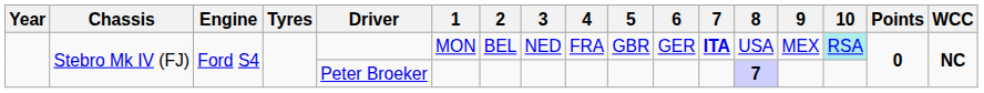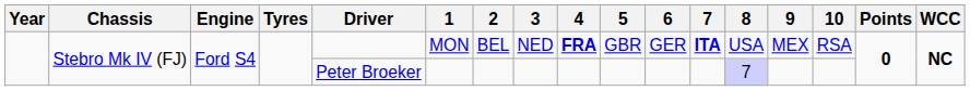 <table class="wikitable" style="text-align:center; font-size:95%">
 <tr>
 <th>Year</th>
 <th>Chassis</th>
 <th>Engine</th>
 <th>Tyres</th>
 <th>Driver</th>
 <th>1</th>
 <th>2</th>
 <th>3</th>
 <th>4</th>
 <th>5</th>
 <th>6</th>
 <th>7</th>
 <th>8</th>
 <th>9</th>
 <th>10</th>
 <th>Points</th>
 <th>WCC</th>
 </tr>
 <tr>
 <td rowspan="2"></td>
 <td rowspan="2"><a href='#'>Stebro Mk IV</a> (FJ)</td>
 <td rowspan="2"><a href='#'>Ford</a> <a href='#'>S4</a></td>
 <td rowspan="2"></td>
 <td></td>
 <td><a href='#'>MON</a></td>
 <td><a href='#'>BEL</a></td>
 <td><a href='#'>NED</a></td>
-<td><a href='#'>FRA</a></td>
+<td><strong><a href='#'>FRA</a></strong></td>
 <td><a href='#'>GBR</a></td>
 <td><a href='#'>GER</a></td>
 <td><strong><a href='#'>ITA</a></strong></td>
 <td><a href='#'>USA</a></td>
 <td><a href='#'>MEX</a></td>
-<td style="background: paleturquoise;"><a href='#'>RSA</a></td>
+<td><a href='#'>RSA</a></td>
 <td rowspan="2"><strong>0</strong></td>
 <td rowspan="2"><strong>NC</strong></td>
 </tr>
 <tr>
 <td><a href='#'>Peter Broeker</a></td>
 <td></td>
 <td></td>
 <td></td>
 <td></td>
 <td></td>
 <td></td>
 <td></td>
-<td style="background:#CFCFFF;"><strong>7</strong></td>
+<td style="background:#CFCFFF;">7</td>
 <td></td>
 <td></td>
 </tr>
 </table>
